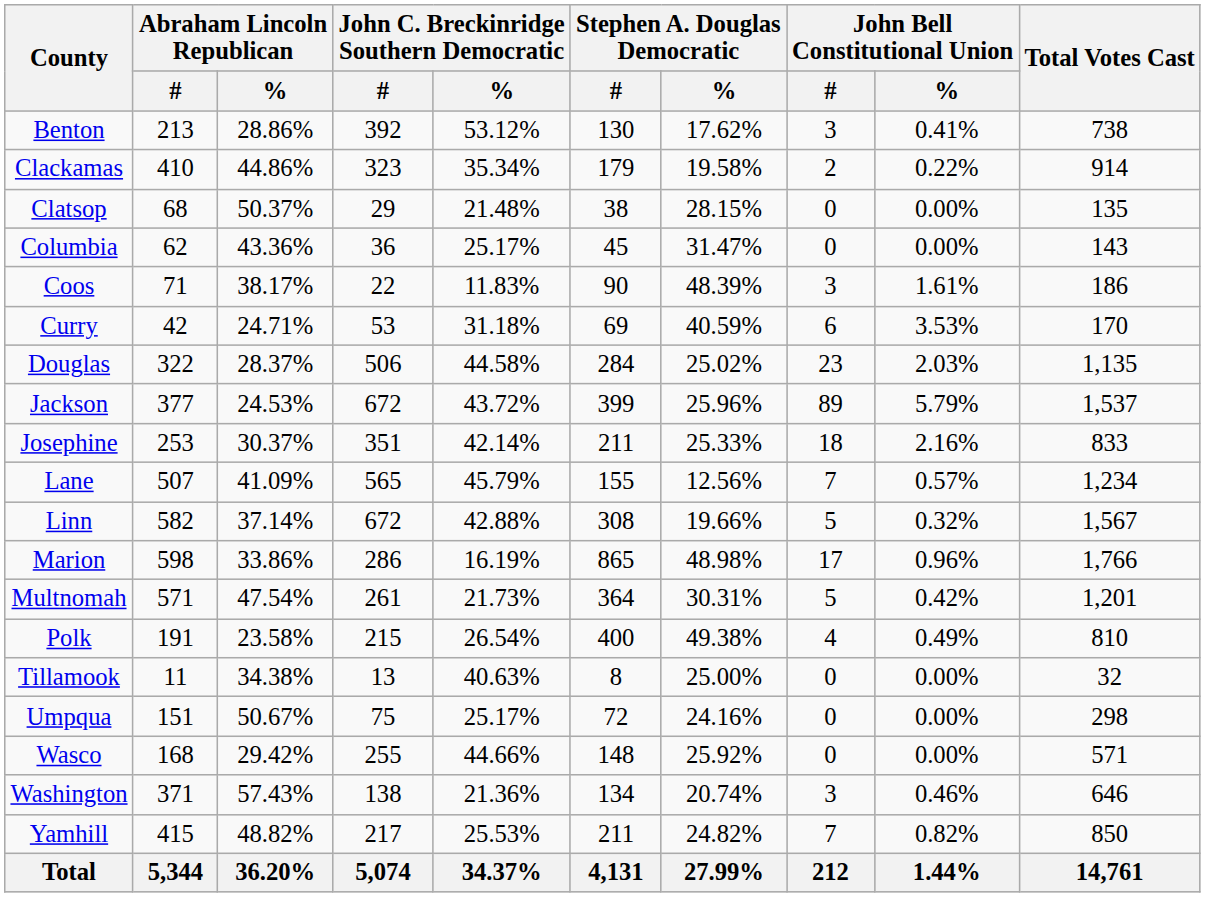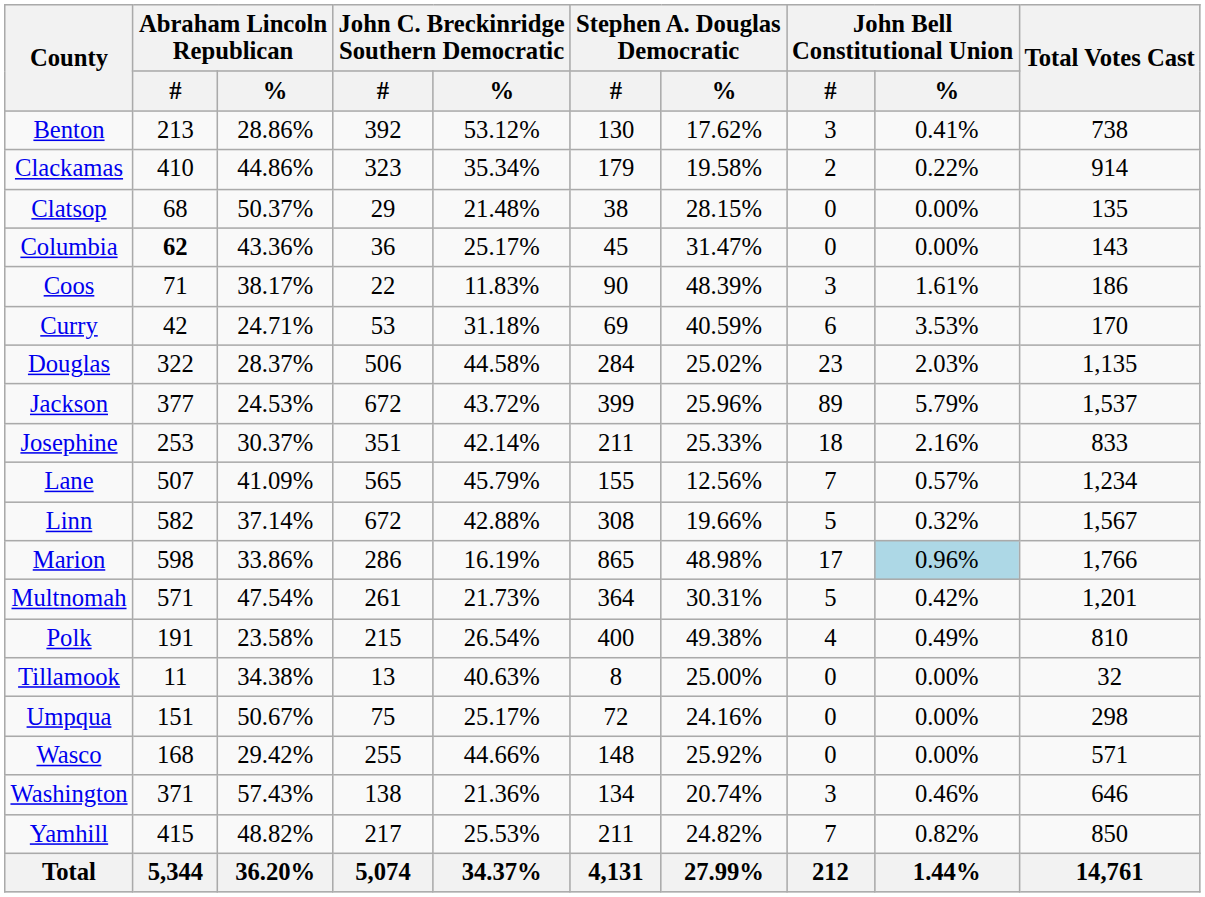 <table class="wikitable sortable">
 <tr>
 <th rowspan="2">County</th>
 <th colspan="2">Abraham Lincoln<br>Republican</th>
 <th colspan="2">John C. Breckinridge<br>Southern Democratic</th>
 <th colspan="2">Stephen A. Douglas<br>Democratic</th>
 <th colspan="2">John Bell<br>Constitutional Union</th>
 <th rowspan="2">Total Votes Cast</th>
 </tr>
 <tr style="text-align:center;">
 <th>#</th>
 <th>%</th>
 <th>#</th>
 <th>%</th>
 <th>#</th>
 <th>%</th>
 <th>#</th>
 <th>%</th>
 </tr>
 <tr style="text-align:center;">
 <td><a href='#'>Benton</a></td>
 <td>213</td>
 <td>28.86%</td>
 <td>392</td>
 <td>53.12%</td>
 <td>130</td>
 <td>17.62%</td>
 <td>3</td>
 <td>0.41%</td>
 <td>738</td>
 </tr>
 <tr style="text-align:center;">
 <td><a href='#'>Clackamas</a></td>
 <td>410</td>
 <td>44.86%</td>
 <td>323</td>
 <td>35.34%</td>
 <td>179</td>
 <td>19.58%</td>
 <td>2</td>
 <td>0.22%</td>
 <td>914</td>
 </tr>
 <tr style="text-align:center;">
 <td><a href='#'>Clatsop</a></td>
 <td>68</td>
 <td>50.37%</td>
 <td>29</td>
 <td>21.48%</td>
 <td>38</td>
 <td>28.15%</td>
 <td>0</td>
 <td>0.00%</td>
 <td>135</td>
 </tr>
 <tr style="text-align:center;">
 <td><a href='#'>Columbia</a></td>
-<td>62</td>
+<td><strong>62</strong></td>
 <td>43.36%</td>
 <td>36</td>
 <td>25.17%</td>
 <td>45</td>
 <td>31.47%</td>
 <td>0</td>
 <td>0.00%</td>
 <td>143</td>
 </tr>
 <tr style="text-align:center;">
 <td><a href='#'>Coos</a></td>
 <td>71</td>
 <td>38.17%</td>
 <td>22</td>
 <td>11.83%</td>
 <td>90</td>
 <td>48.39%</td>
 <td>3</td>
 <td>1.61%</td>
 <td>186</td>
 </tr>
 <tr style="text-align:center;">
 <td><a href='#'>Curry</a></td>
 <td>42</td>
 <td>24.71%</td>
 <td>53</td>
 <td>31.18%</td>
 <td>69</td>
 <td>40.59%</td>
 <td>6</td>
 <td>3.53%</td>
 <td>170</td>
 </tr>
 <tr style="text-align:center;">
 <td><a href='#'>Douglas</a></td>
 <td>322</td>
 <td>28.37%</td>
 <td>506</td>
 <td>44.58%</td>
 <td>284</td>
 <td>25.02%</td>
 <td>23</td>
 <td>2.03%</td>
 <td>1,135</td>
 </tr>
 <tr style="text-align:center;">
 <td><a href='#'>Jackson</a></td>
 <td>377</td>
 <td>24.53%</td>
 <td>672</td>
 <td>43.72%</td>
 <td>399</td>
 <td>25.96%</td>
 <td>89</td>
 <td>5.79%</td>
 <td>1,537</td>
 </tr>
 <tr style="text-align:center;">
 <td><a href='#'>Josephine</a></td>
 <td>253</td>
 <td>30.37%</td>
 <td>351</td>
 <td>42.14%</td>
 <td>211</td>
 <td>25.33%</td>
 <td>18</td>
 <td>2.16%</td>
 <td>833</td>
 </tr>
 <tr style="text-align:center;">
 <td><a href='#'>Lane</a></td>
 <td>507</td>
 <td>41.09%</td>
 <td>565</td>
 <td>45.79%</td>
 <td>155</td>
 <td>12.56%</td>
 <td>7</td>
 <td>0.57%</td>
 <td>1,234</td>
 </tr>
 <tr style="text-align:center;">
 <td><a href='#'>Linn</a></td>
 <td>582</td>
 <td>37.14%</td>
 <td>672</td>
 <td>42.88%</td>
 <td>308</td>
 <td>19.66%</td>
 <td>5</td>
 <td>0.32%</td>
 <td>1,567</td>
 </tr>
 <tr style="text-align:center;">
 <td><a href='#'>Marion</a></td>
 <td>598</td>
 <td>33.86%</td>
 <td>286</td>
 <td>16.19%</td>
 <td>865</td>
 <td>48.98%</td>
 <td>17</td>
-<td>0.96%</td>
+<td style="background: lightblue;">0.96%</td>
 <td>1,766</td>
 </tr>
 <tr style="text-align:center;">
 <td><a href='#'>Multnomah</a></td>
 <td>571</td>
 <td>47.54%</td>
 <td>261</td>
 <td>21.73%</td>
 <td>364</td>
 <td>30.31%</td>
 <td>5</td>
 <td>0.42%</td>
 <td>1,201</td>
 </tr>
 <tr style="text-align:center;">
 <td><a href='#'>Polk</a></td>
 <td>191</td>
 <td>23.58%</td>
 <td>215</td>
 <td>26.54%</td>
 <td>400</td>
 <td>49.38%</td>
 <td>4</td>
 <td>0.49%</td>
 <td>810</td>
 </tr>
 <tr style="text-align:center;">
 <td><a href='#'>Tillamook</a></td>
 <td>11</td>
 <td>34.38%</td>
 <td>13</td>
 <td>40.63%</td>
 <td>8</td>
 <td>25.00%</td>
 <td>0</td>
 <td>0.00%</td>
 <td>32</td>
 </tr>
 <tr style="text-align:center;">
 <td><a href='#'>Umpqua</a></td>
 <td>151</td>
 <td>50.67%</td>
 <td>75</td>
 <td>25.17%</td>
 <td>72</td>
 <td>24.16%</td>
 <td>0</td>
 <td>0.00%</td>
 <td>298</td>
 </tr>
 <tr style="text-align:center;">
 <td><a href='#'>Wasco</a></td>
 <td>168</td>
 <td>29.42%</td>
 <td>255</td>
 <td>44.66%</td>
 <td>148</td>
 <td>25.92%</td>
 <td>0</td>
 <td>0.00%</td>
 <td>571</td>
 </tr>
 <tr style="text-align:center;">
 <td><a href='#'>Washington</a></td>
 <td>371</td>
 <td>57.43%</td>
 <td>138</td>
 <td>21.36%</td>
 <td>134</td>
 <td>20.74%</td>
 <td>3</td>
 <td>0.46%</td>
 <td>646</td>
 </tr>
 <tr style="text-align:center;">
 <td><a href='#'>Yamhill</a></td>
 <td>415</td>
 <td>48.82%</td>
 <td>217</td>
 <td>25.53%</td>
 <td>211</td>
 <td>24.82%</td>
 <td>7</td>
 <td>0.82%</td>
 <td>850</td>
 </tr>
 <tr style="text-align:center;">
 <th>Total</th>
 <th>5,344</th>
 <th>36.20%</th>
 <th>5,074</th>
 <th>34.37%</th>
 <th>4,131</th>
 <th>27.99%</th>
 <th>212</th>
 <th>1.44%</th>
 <th>14,761</th>
 </tr>
 </table>
